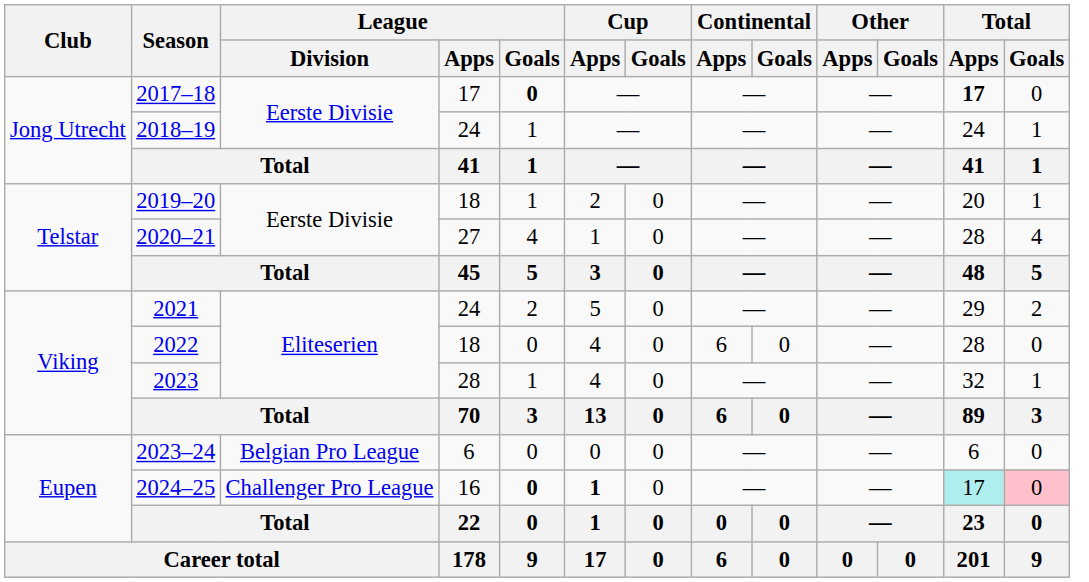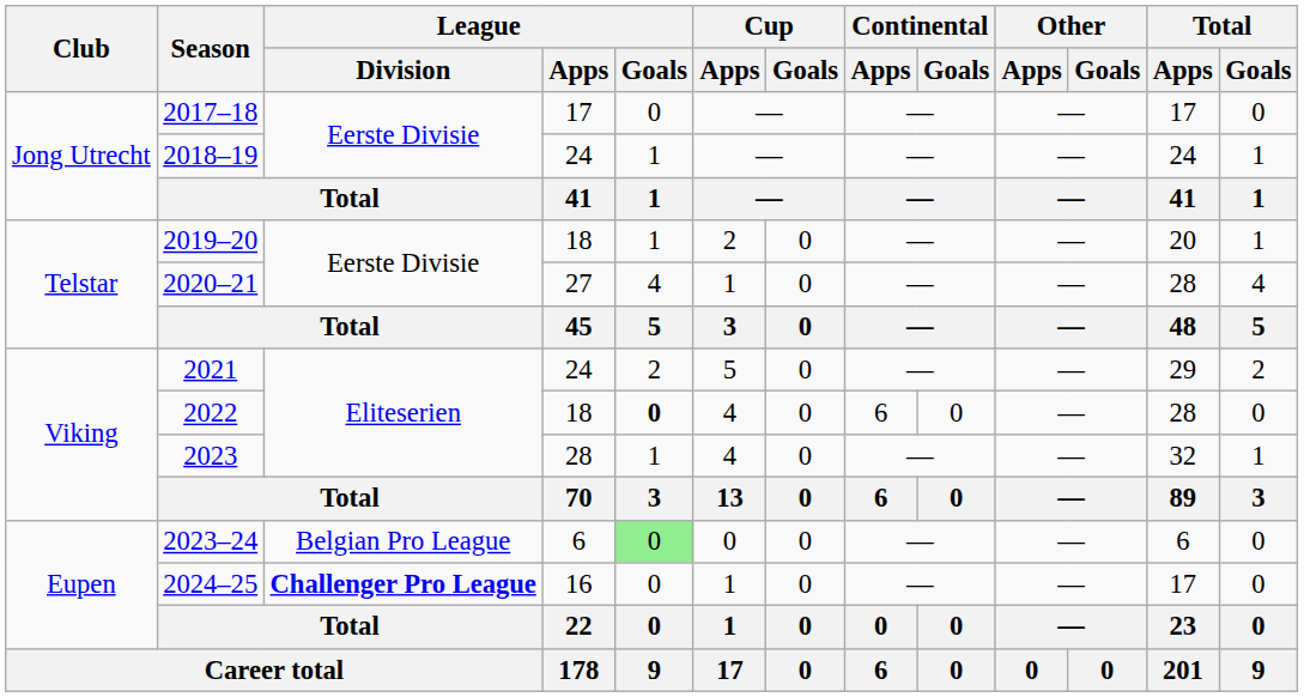 <table class="wikitable" style="text-align: center;">
 <tr>
 <th rowspan="2">Club</th>
 <th rowspan="2">Season</th>
 <th colspan="3">League</th>
 <th colspan="2">Cup</th>
 <th colspan="2">Continental</th>
 <th colspan="2">Other</th>
 <th colspan="2">Total</th>
 </tr>
 <tr>
 <th>Division</th>
 <th>Apps</th>
 <th>Goals</th>
 <th>Apps</th>
 <th>Goals</th>
 <th>Apps</th>
 <th>Goals</th>
 <th>Apps</th>
 <th>Goals</th>
 <th>Apps</th>
 <th>Goals</th>
 </tr>
 <tr>
 <td rowspan="3"><a href='#'>Jong Utrecht</a></td>
 <td><a href='#'>2017–18</a></td>
 <td rowspan="2"><a href='#'>Eerste Divisie</a></td>
 <td>17</td>
-<td><strong>0</strong></td>
+<td>0</td>
 <td colspan="2">—</td>
 <td colspan="2">—</td>
 <td colspan="2">—</td>
-<td><strong>17</strong></td>
+<td>17</td>
 <td>0</td>
 </tr>
 <tr>
 <td><a href='#'>2018–19</a></td>
 <td>24</td>
 <td>1</td>
 <td colspan="2">—</td>
 <td colspan="2">—</td>
 <td colspan="2">—</td>
 <td>24</td>
 <td>1</td>
 </tr>
 <tr>
 <th colspan="2">Total</th>
 <th>41</th>
 <th>1</th>
 <th colspan="2">—</th>
 <th colspan="2">—</th>
 <th colspan="2">—</th>
 <th>41</th>
 <th>1</th>
 </tr>
 <tr>
 <td rowspan="3"><a href='#'>Telstar</a></td>
 <td><a href='#'>2019–20</a></td>
 <td rowspan="2">Eerste Divisie</td>
 <td>18</td>
 <td>1</td>
 <td>2</td>
 <td>0</td>
 <td colspan="2">—</td>
 <td colspan="2">—</td>
 <td>20</td>
 <td>1</td>
 </tr>
 <tr>
 <td><a href='#'>2020–21</a></td>
 <td>27</td>
 <td>4</td>
 <td>1</td>
 <td>0</td>
 <td colspan="2">—</td>
 <td colspan="2">—</td>
 <td>28</td>
 <td>4</td>
 </tr>
 <tr>
 <th colspan="2">Total</th>
 <th>45</th>
 <th>5</th>
 <th>3</th>
 <th>0</th>
 <th colspan="2">—</th>
 <th colspan="2">—</th>
 <th>48</th>
 <th>5</th>
 </tr>
 <tr>
 <td rowspan="4"><a href='#'>Viking</a></td>
 <td><a href='#'>2021</a></td>
 <td rowspan="3"><a href='#'>Eliteserien</a></td>
 <td>24</td>
 <td>2</td>
 <td>5</td>
 <td>0</td>
 <td colspan="2">—</td>
 <td colspan="2">—</td>
 <td>29</td>
 <td>2</td>
 </tr>
 <tr>
 <td><a href='#'>2022</a></td>
 <td>18</td>
-<td>0</td>
+<td><strong>0</strong></td>
 <td>4</td>
 <td>0</td>
 <td>6</td>
 <td>0</td>
 <td colspan="2">—</td>
 <td>28</td>
 <td>0</td>
 </tr>
 <tr>
 <td><a href='#'>2023</a></td>
 <td>28</td>
 <td>1</td>
 <td>4</td>
 <td>0</td>
 <td colspan="2">—</td>
 <td colspan="2">—</td>
 <td>32</td>
 <td>1</td>
 </tr>
 <tr>
 <th colspan="2">Total</th>
 <th>70</th>
 <th>3</th>
 <th>13</th>
 <th>0</th>
 <th>6</th>
 <th>0</th>
 <th colspan="2">—</th>
 <th>89</th>
 <th>3</th>
 </tr>
 <tr>
 <td rowspan="3"><a href='#'>Eupen</a></td>
 <td><a href='#'>2023–24</a></td>
 <td><a href='#'>Belgian Pro League</a></td>
 <td>6</td>
-<td>0</td>
+<td style="background: lightgreen;">0</td>
 <td>0</td>
 <td>0</td>
 <td colspan="2">—</td>
 <td colspan="2">—</td>
 <td>6</td>
 <td>0</td>
 </tr>
 <tr>
 <td><a href='#'>2024–25</a></td>
-<td><a href='#'>Challenger Pro League</a></td>
+<td><strong><a href='#'>Challenger Pro League</a></strong></td>
 <td>16</td>
-<td><strong>0</strong></td>
-<td><strong>1</strong></td>
+<td>0</td>
+<td>1</td>
 <td>0</td>
 <td colspan="2">—</td>
 <td colspan="2">—</td>
-<td style="background: paleturquoise;">17</td>
-<td style="background: pink;">0</td>
+<td>17</td>
+<td>0</td>
 </tr>
 <tr>
 <th colspan="2">Total</th>
 <th>22</th>
 <th>0</th>
 <th>1</th>
 <th>0</th>
 <th>0</th>
 <th>0</th>
 <th colspan="2">—</th>
 <th>23</th>
 <th>0</th>
 </tr>
 <tr>
 <th colspan="3">Career total</th>
 <th>178</th>
 <th>9</th>
 <th>17</th>
 <th>0</th>
 <th>6</th>
 <th>0</th>
 <th>0</th>
 <th>0</th>
 <th>201</th>
 <th>9</th>
 </tr>
 </table>
